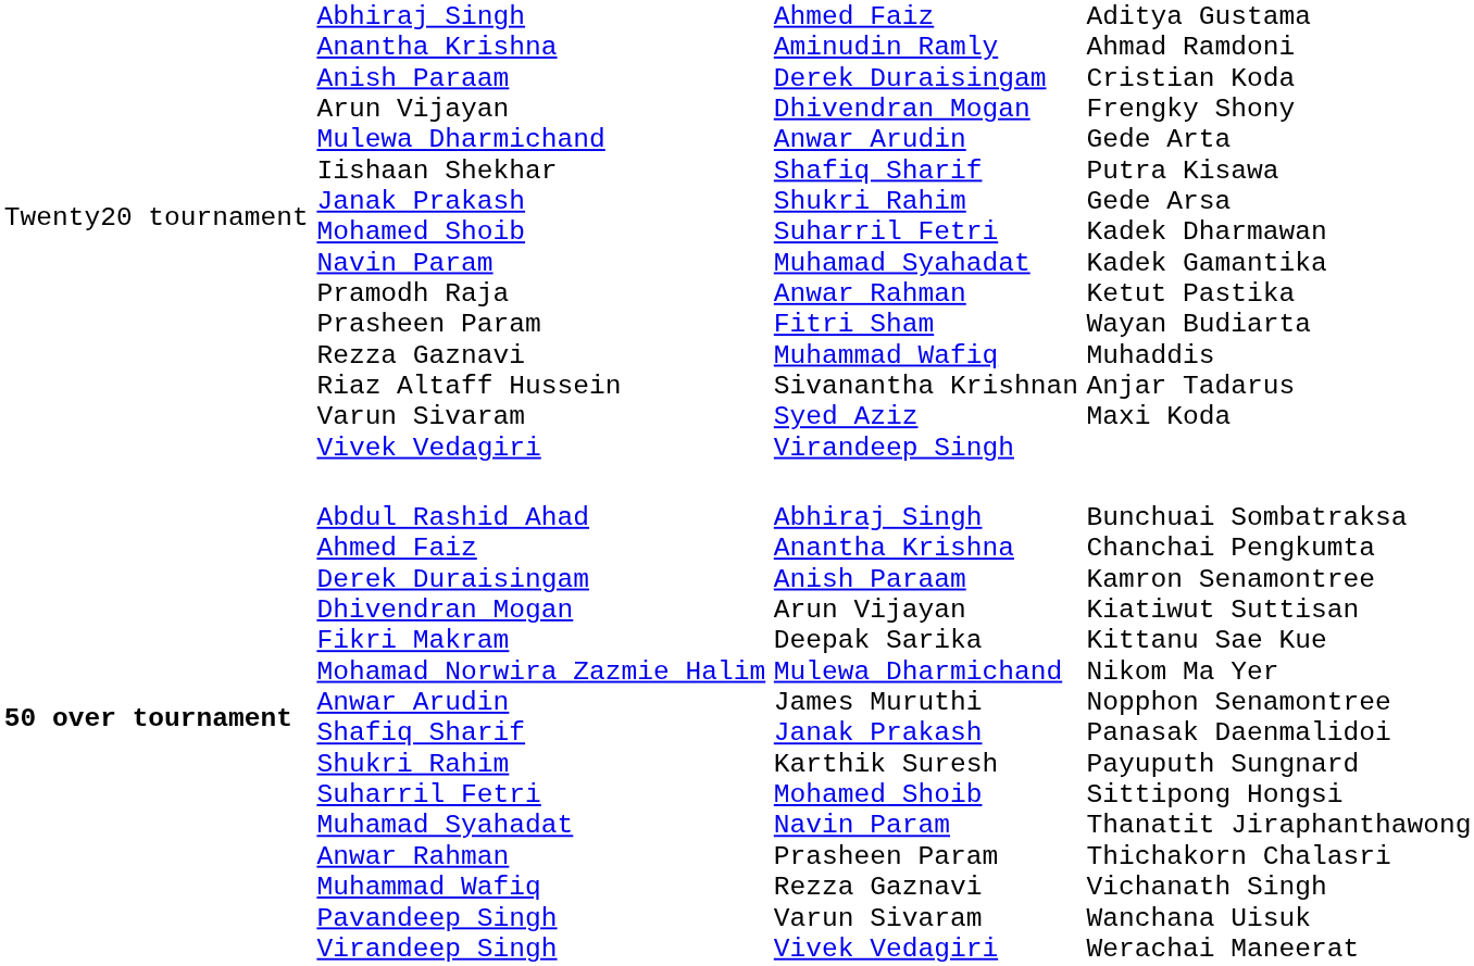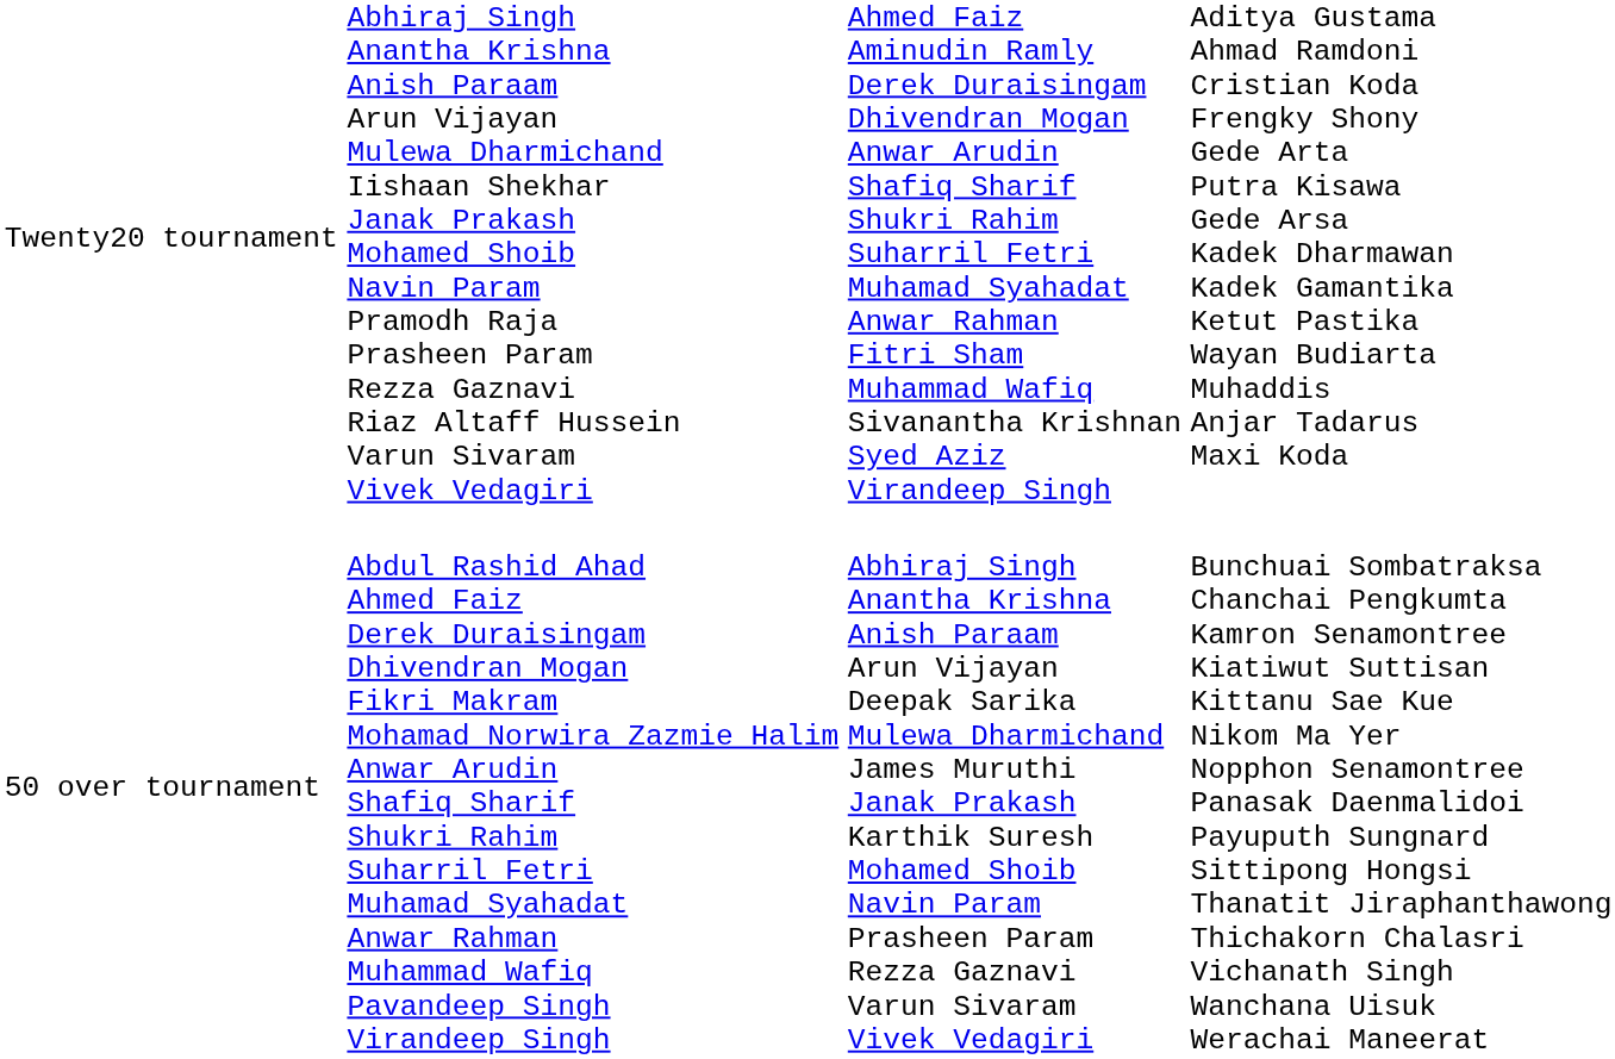 <table>
 <tr>
 <td>Twenty20 tournament<br></td>
 <td nowrap=true><br><a href='#'>Abhiraj Singh</a><br><a href='#'>Anantha Krishna</a><br><a href='#'>Anish Paraam</a><br>Arun Vijayan<br><a href='#'>Mulewa Dharmichand</a><br>Iishaan Shekhar<br><a href='#'>Janak Prakash</a><br><a href='#'>Mohamed Shoib</a><br><a href='#'>Navin Param</a><br>Pramodh Raja<br>Prasheen Param<br>Rezza Gaznavi<br>Riaz Altaff Hussein<br>Varun Sivaram<br><a href='#'>Vivek Vedagiri</a></td>
 <td nowrap=true><br><a href='#'>Ahmed Faiz</a><br><a href='#'>Aminudin Ramly</a><br><a href='#'>Derek Duraisingam</a><br><a href='#'>Dhivendran Mogan</a><br><a href='#'>Anwar Arudin</a><br><a href='#'>Shafiq Sharif</a><br><a href='#'>Shukri Rahim</a><br><a href='#'>Suharril Fetri</a><br><a href='#'>Muhamad Syahadat</a><br><a href='#'>Anwar Rahman</a><br><a href='#'>Fitri Sham</a><br><a href='#'>Muhammad Wafiq</a><br>Sivanantha Krishnan<br><a href='#'>Syed Aziz</a><br><a href='#'>Virandeep Singh</a></td>
 <td valign=top nowrap=true><br>Aditya Gustama<br>Ahmad Ramdoni<br>Cristian Koda<br>Frengky Shony<br>Gede Arta<br>Putra Kisawa<br>Gede Arsa<br>Kadek Dharmawan<br>Kadek Gamantika<br>Ketut Pastika<br>Wayan Budiarta<br>Muhaddis<br>Anjar Tadarus<br>Maxi Koda</td>
 </tr>
 <tr>
-<td><strong>50 over tournament<br></strong></td>
+<td>50 over tournament<br></td>
 <td nowrap=true><br><a href='#'>Abdul Rashid Ahad</a><br><a href='#'>Ahmed Faiz</a><br><a href='#'>Derek Duraisingam</a><br><a href='#'>Dhivendran Mogan</a><br><a href='#'>Fikri Makram</a><br><a href='#'>Mohamad Norwira Zazmie Halim</a><br><a href='#'>Anwar Arudin</a><br><a href='#'>Shafiq Sharif</a><br><a href='#'>Shukri Rahim</a><br><a href='#'>Suharril Fetri</a><br><a href='#'>Muhamad Syahadat</a><br><a href='#'>Anwar Rahman</a><br><a href='#'>Muhammad Wafiq</a><br><a href='#'>Pavandeep Singh</a><br><a href='#'>Virandeep Singh</a></td>
 <td nowrap=true><br><a href='#'>Abhiraj Singh</a><br><a href='#'>Anantha Krishna</a><br><a href='#'>Anish Paraam</a><br>Arun Vijayan<br>Deepak Sarika<br><a href='#'>Mulewa Dharmichand</a><br>James Muruthi<br><a href='#'>Janak Prakash</a><br>Karthik Suresh<br><a href='#'>Mohamed Shoib</a><br><a href='#'>Navin Param</a><br>Prasheen Param<br>Rezza Gaznavi<br>Varun Sivaram<br><a href='#'>Vivek Vedagiri</a></td>
 <td nowrap=true><br>Bunchuai Sombatraksa<br>Chanchai Pengkumta<br>Kamron Senamontree<br>Kiatiwut Suttisan<br>Kittanu Sae Kue<br>Nikom Ma Yer<br>Nopphon Senamontree<br>Panasak Daenmalidoi<br>Payuputh Sungnard<br>Sittipong Hongsi<br>Thanatit Jiraphanthawong<br>Thichakorn Chalasri<br>Vichanath Singh<br>Wanchana Uisuk<br>Werachai Maneerat</td>
 </tr>
 <tr>
 </tr>
 </table>
